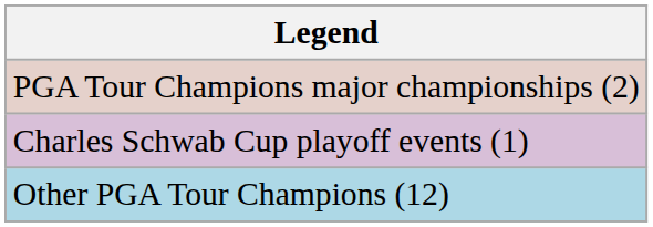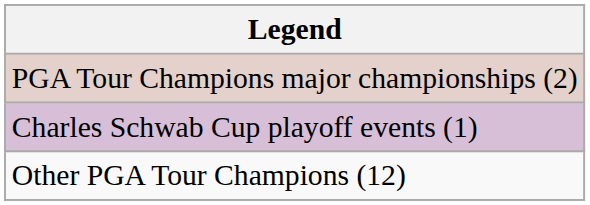 <table class="wikitable" style="font-size:95%;">
 <tr>
 <th>Legend</th>
 </tr>
 <tr style="background:#e5d1cb;">
 <td>PGA Tour Champions major championships (2)</td>
 </tr>
 <tr style="background:thistle">
 <td>Charles Schwab Cup playoff events (1)</td>
 </tr>
 <tr>
-<td style="background: lightblue;">Other PGA Tour Champions (12)</td>
+<td>Other PGA Tour Champions (12)</td>
 </tr>
 </table>
